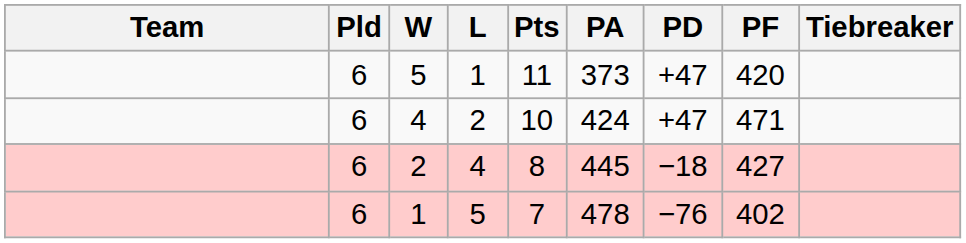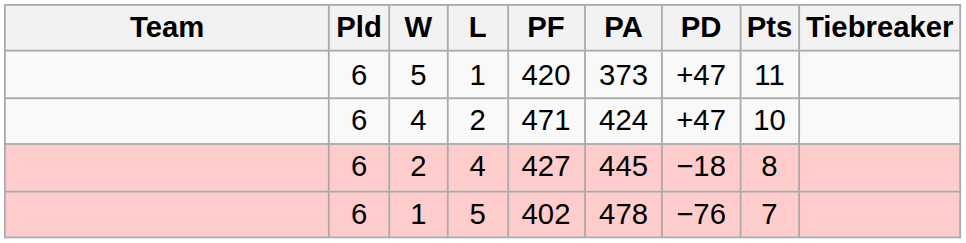 <table class="wikitable" style="text-align:center;">
 <tr>
 <th width=170>Team</th>
 <th width=25>Pld</th>
 <th width=25>W</th>
 <th width=25>L</th>
-<th width=25>Pts</th>
+<th width=35>PF</th>
 <th width=35>PA</th>
 <th width=35>PD</th>
-<th width=35>PF</th>
+<th width=25>Pts</th>
 <th width=50>Tiebreaker</th>
 </tr>
 <tr bgcolor=>
 <td align="left"></td>
 <td>6</td>
 <td>5</td>
 <td>1</td>
-<td>11</td>
+<td>420</td>
 <td>373</td>
 <td>+47</td>
-<td>420</td>
+<td>11</td>
 <td></td>
 </tr>
 <tr bgcolor=>
 <td align="left"></td>
 <td>6</td>
 <td>4</td>
 <td>2</td>
-<td>10</td>
+<td>471</td>
 <td>424</td>
 <td>+47</td>
-<td>471</td>
+<td>10</td>
 <td></td>
 </tr>
 <tr bgcolor=ffcccc>
 <td align="left"></td>
 <td>6</td>
 <td>2</td>
 <td>4</td>
-<td>8</td>
+<td>427</td>
 <td>445</td>
 <td>−18</td>
-<td>427</td>
+<td>8</td>
 <td></td>
 </tr>
 <tr bgcolor=ffcccc>
 <td align="left"></td>
 <td>6</td>
 <td>1</td>
 <td>5</td>
-<td>7</td>
+<td>402</td>
 <td>478</td>
 <td>−76</td>
-<td>402</td>
+<td>7</td>
 <td></td>
 </tr>
 </table>
